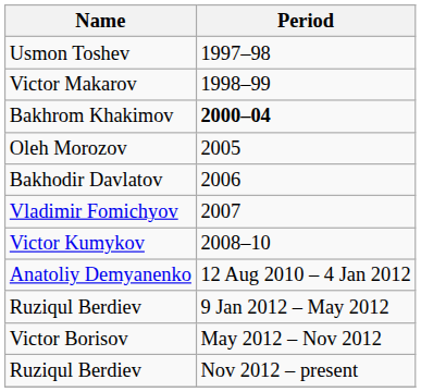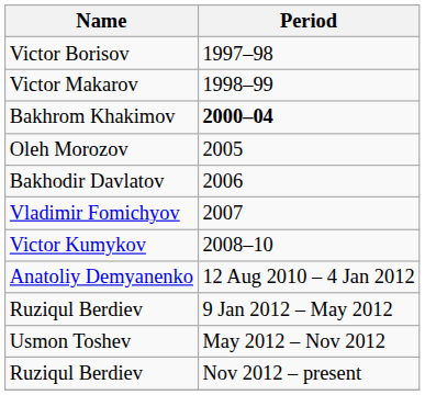 <table class="wikitable">
 <tr>
 <th>Name</th>
 <th>Period</th>
 </tr>
 <tr>
-<td> Usmon Toshev</td>
+<td> Victor Borisov</td>
 <td>1997–98</td>
 </tr>
 <tr>
 <td> Victor Makarov</td>
 <td>1998–99</td>
 </tr>
 <tr>
 <td> Bakhrom Khakimov</td>
 <td><strong>2000–04</strong></td>
 </tr>
 <tr>
 <td> Oleh Morozov</td>
 <td>2005</td>
 </tr>
 <tr>
 <td> Bakhodir Davlatov</td>
 <td>2006</td>
 </tr>
 <tr>
 <td> <a href='#'>Vladimir Fomichyov</a></td>
 <td>2007</td>
 </tr>
 <tr>
 <td> <a href='#'>Victor Kumykov</a></td>
 <td>2008–10</td>
 </tr>
 <tr>
 <td> <a href='#'>Anatoliy Demyanenko</a></td>
 <td>12 Aug 2010 – 4 Jan 2012</td>
 </tr>
 <tr>
 <td> Ruziqul Berdiev</td>
 <td>9 Jan 2012 – May 2012</td>
 </tr>
 <tr>
-<td> Victor Borisov</td>
+<td> Usmon Toshev</td>
 <td>May 2012 – Nov 2012</td>
 </tr>
 <tr>
 <td> Ruziqul Berdiev</td>
 <td>Nov 2012 – present</td>
 </tr>
 <tr>
 </tr>
 </table>
